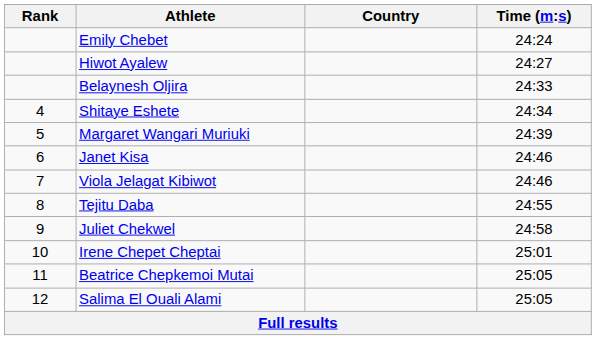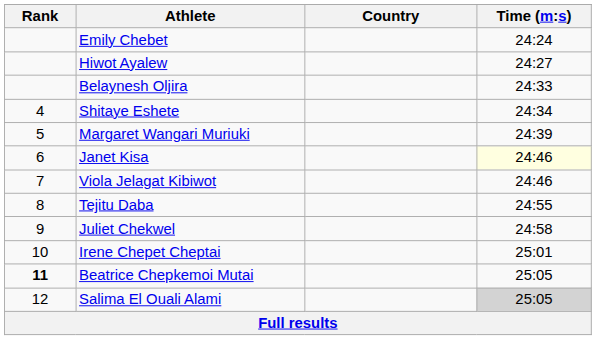 <table class="wikitable" width=50%>
 <tr>
 </tr>
 <tr>
 <th width=5%>Rank</th>
 <th width=20%>Athlete</th>
 <th width=15%>Country</th>
 <th width=10%>Time (<a href='#'>m</a>:<a href='#'>s</a>)</th>
 </tr>
 <tr align="center">
 <td></td>
 <td align="left"><a href='#'>Emily Chebet</a></td>
 <td align="left"></td>
 <td>24:24</td>
 </tr>
 <tr align="center">
 <td></td>
 <td align="left"><a href='#'>Hiwot Ayalew</a></td>
 <td align="left"></td>
 <td>24:27</td>
 </tr>
 <tr align="center">
 <td></td>
 <td align="left"><a href='#'>Belaynesh Oljira</a></td>
 <td align="left"></td>
 <td>24:33</td>
 </tr>
 <tr align="center">
 <td>4</td>
 <td align="left"><a href='#'>Shitaye Eshete</a></td>
 <td align="left"></td>
 <td>24:34</td>
 </tr>
 <tr align="center">
 <td>5</td>
 <td align="left"><a href='#'>Margaret Wangari Muriuki</a></td>
 <td align="left"></td>
 <td>24:39</td>
 </tr>
 <tr align="center">
 <td>6</td>
 <td align="left"><a href='#'>Janet Kisa</a></td>
 <td align="left"></td>
-<td>24:46</td>
+<td style="background: lightyellow;">24:46</td>
 </tr>
 <tr align="center">
 <td>7</td>
 <td align="left"><a href='#'>Viola Jelagat Kibiwot</a></td>
 <td align="left"></td>
 <td>24:46</td>
 </tr>
 <tr align="center">
 <td>8</td>
 <td align="left"><a href='#'>Tejitu Daba</a></td>
 <td align="left"></td>
 <td>24:55</td>
 </tr>
 <tr align="center">
 <td>9</td>
 <td align="left"><a href='#'>Juliet Chekwel</a></td>
 <td align="left"></td>
 <td>24:58</td>
 </tr>
 <tr align="center">
 <td>10</td>
 <td align="left"><a href='#'>Irene Chepet Cheptai</a></td>
 <td align="left"></td>
 <td>25:01</td>
 </tr>
 <tr align="center">
-<td>11</td>
+<td><strong>11</strong></td>
 <td align="left"><a href='#'>Beatrice Chepkemoi Mutai</a></td>
 <td align="left"></td>
 <td>25:05</td>
 </tr>
 <tr align="center">
 <td>12</td>
 <td align="left"><a href='#'>Salima El Ouali Alami</a></td>
 <td align="left"></td>
-<td>25:05</td>
+<td style="background: lightgrey;">25:05</td>
 </tr>
 <tr class="sortbottom">
 <th colspan=4 align=center><a href='#'>Full results</a></th>
 </tr>
 </table>
